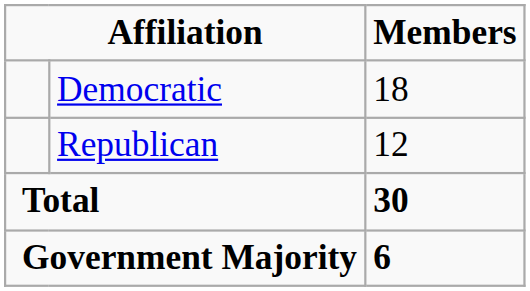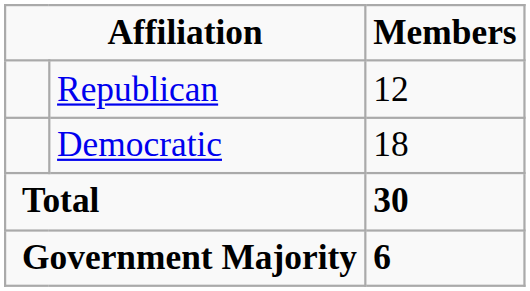 <table class="wikitable">
 <tr>
 <td colspan="2" rowspan="1" align="center" valign="top"><strong>Affiliation</strong></td>
 <td style="vertical-align:top;"><strong>Members</strong></td>
 </tr>
 <tr>
 <td style="background-color:"> </td>
-<td><a href='#'>Democratic</a></td>
-<td>18</td>
+<td><a href='#'>Republican</a></td>
+<td>12</td>
 </tr>
 <tr>
 <td style="background-color:"> </td>
-<td><a href='#'>Republican</a></td>
-<td>12</td>
+<td><a href='#'>Democratic</a></td>
+<td>18</td>
 </tr>
 <tr>
 <td colspan="2" rowspan="1"> <strong>Total</strong></td>
 <td><strong>30</strong></td>
 </tr>
 <tr>
 <td colspan="2" rowspan="1"> <strong>Government Majority</strong></td>
 <td><strong>6</strong></td>
 </tr>
 </table>
